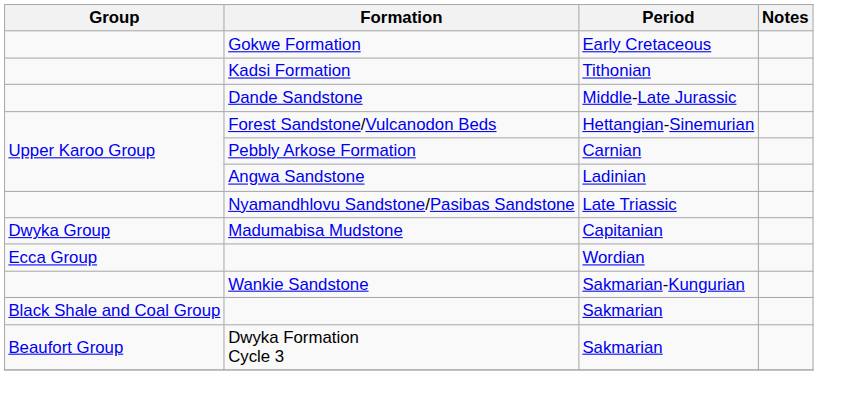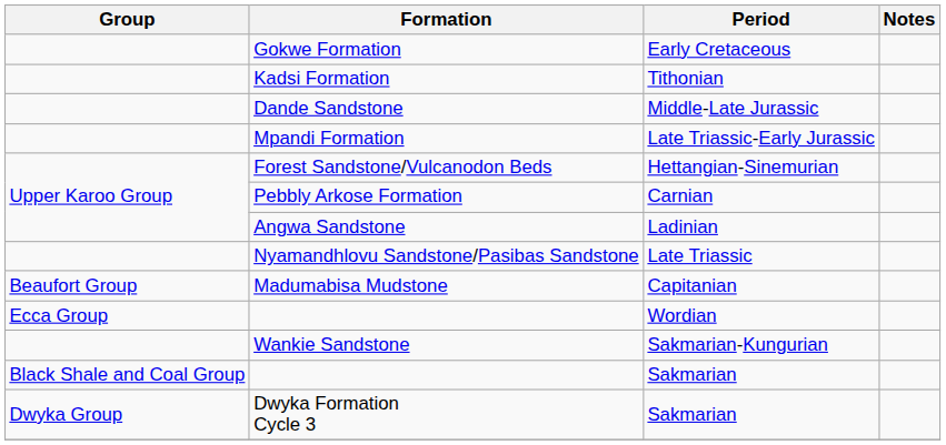 <table class="wikitable sortable">
 <tr>
 <th>Group</th>
 <th>Formation</th>
 <th>Period</th>
 <th class="unsortable">Notes</th>
 </tr>
 <tr>
 <td></td>
 <td><a href='#'>Gokwe Formation</a></td>
 <td style="background-color: "><a href='#'>Early Cretaceous</a></td>
 <td align=center></td>
 </tr>
 <tr>
 <td></td>
 <td><a href='#'>Kadsi Formation</a></td>
 <td style="background-color: "><a href='#'>Tithonian</a></td>
 <td align=center></td>
 </tr>
 <tr>
 <td></td>
 <td><a href='#'>Dande Sandstone</a></td>
 <td style="background-color: "><a href='#'>Middle</a>-<a href='#'>Late Jurassic</a></td>
 <td align=center></td>
 </tr>
 <tr>
+<td></td>
+<td><a href='#'>Mpandi Formation</a></td>
+<td style="background-color: "><a href='#'>Late Triassic</a>-<a href='#'>Early Jurassic</a></td>
+<td align=center></td>
+</tr>
+<tr>
 <td rowspan=3><a href='#'>Upper Karoo Group</a></td>
 <td><a href='#'>Forest Sandstone</a>/<a href='#'>Vulcanodon Beds</a></td>
 <td style="background-color: "><a href='#'>Hettangian</a>-<a href='#'>Sinemurian</a></td>
 <td align=center></td>
 </tr>
 <tr>
 <td><a href='#'>Pebbly Arkose Formation</a></td>
 <td style="background-color: "><a href='#'>Carnian</a></td>
 <td align=center></td>
 </tr>
 <tr>
 <td><a href='#'>Angwa Sandstone</a></td>
 <td style="background-color: "><a href='#'>Ladinian</a></td>
 <td align=center></td>
 </tr>
 <tr>
 <td></td>
 <td><a href='#'>Nyamandhlovu Sandstone</a>/<a href='#'>Pasibas Sandstone</a></td>
 <td style="background-color: "><a href='#'>Late Triassic</a></td>
 <td align=center></td>
 </tr>
 <tr>
-<td><a href='#'>Dwyka Group</a></td>
+<td><a href='#'>Beaufort Group</a></td>
 <td><a href='#'>Madumabisa Mudstone</a></td>
 <td style="background-color: "><a href='#'>Capitanian</a></td>
 <td align=center></td>
 </tr>
 <tr>
 <td><a href='#'>Ecca Group</a></td>
 <td></td>
 <td style="background-color: "><a href='#'>Wordian</a></td>
 <td align=center></td>
 </tr>
 <tr>
 <td></td>
 <td><a href='#'>Wankie Sandstone</a></td>
 <td style="background-color: "><a href='#'>Sakmarian</a>-<a href='#'>Kungurian</a></td>
 <td align=center></td>
 </tr>
 <tr>
 <td><a href='#'>Black Shale and Coal Group</a></td>
 <td></td>
 <td style="background-color: "><a href='#'>Sakmarian</a></td>
 <td align=center></td>
 </tr>
 <tr>
-<td><a href='#'>Beaufort Group</a></td>
+<td><a href='#'>Dwyka Group</a></td>
 <td>Dwyka Formation<br>Cycle 3</td>
 <td style="background-color: "><a href='#'>Sakmarian</a></td>
 <td align=center></td>
 </tr>
 <tr>
 </tr>
 </table>
